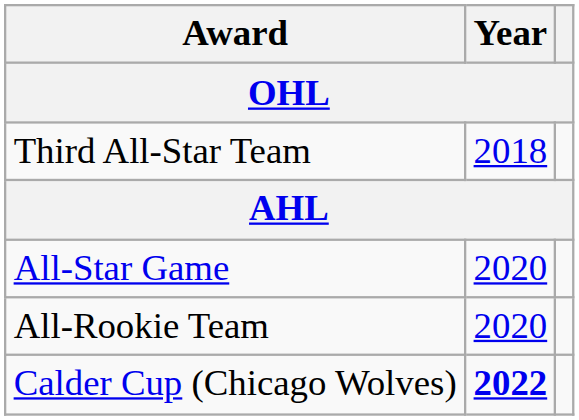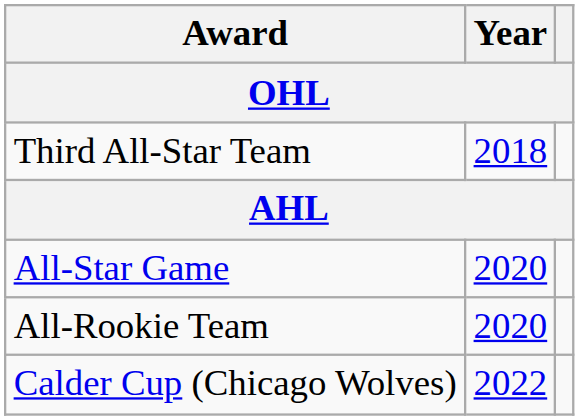 <table class="wikitable">
 <tr>
 <th>Award</th>
 <th>Year</th>
 <th></th>
 </tr>
 <tr>
 <th colspan="3"><a href='#'>OHL</a></th>
 </tr>
 <tr>
 <td>Third All-Star Team</td>
 <td><a href='#'>2018</a></td>
 <td></td>
 </tr>
 <tr>
 <th colspan="3"><a href='#'>AHL</a></th>
 </tr>
 <tr>
 <td><a href='#'>All-Star Game</a></td>
 <td><a href='#'>2020</a></td>
 <td></td>
 </tr>
 <tr>
 <td>All-Rookie Team</td>
 <td><a href='#'>2020</a></td>
 <td></td>
 </tr>
 <tr>
 <td><a href='#'>Calder Cup</a> (Chicago Wolves)</td>
-<td><strong><a href='#'>2022</a></strong></td>
+<td><a href='#'>2022</a></td>
 <td></td>
 </tr>
 </table>
